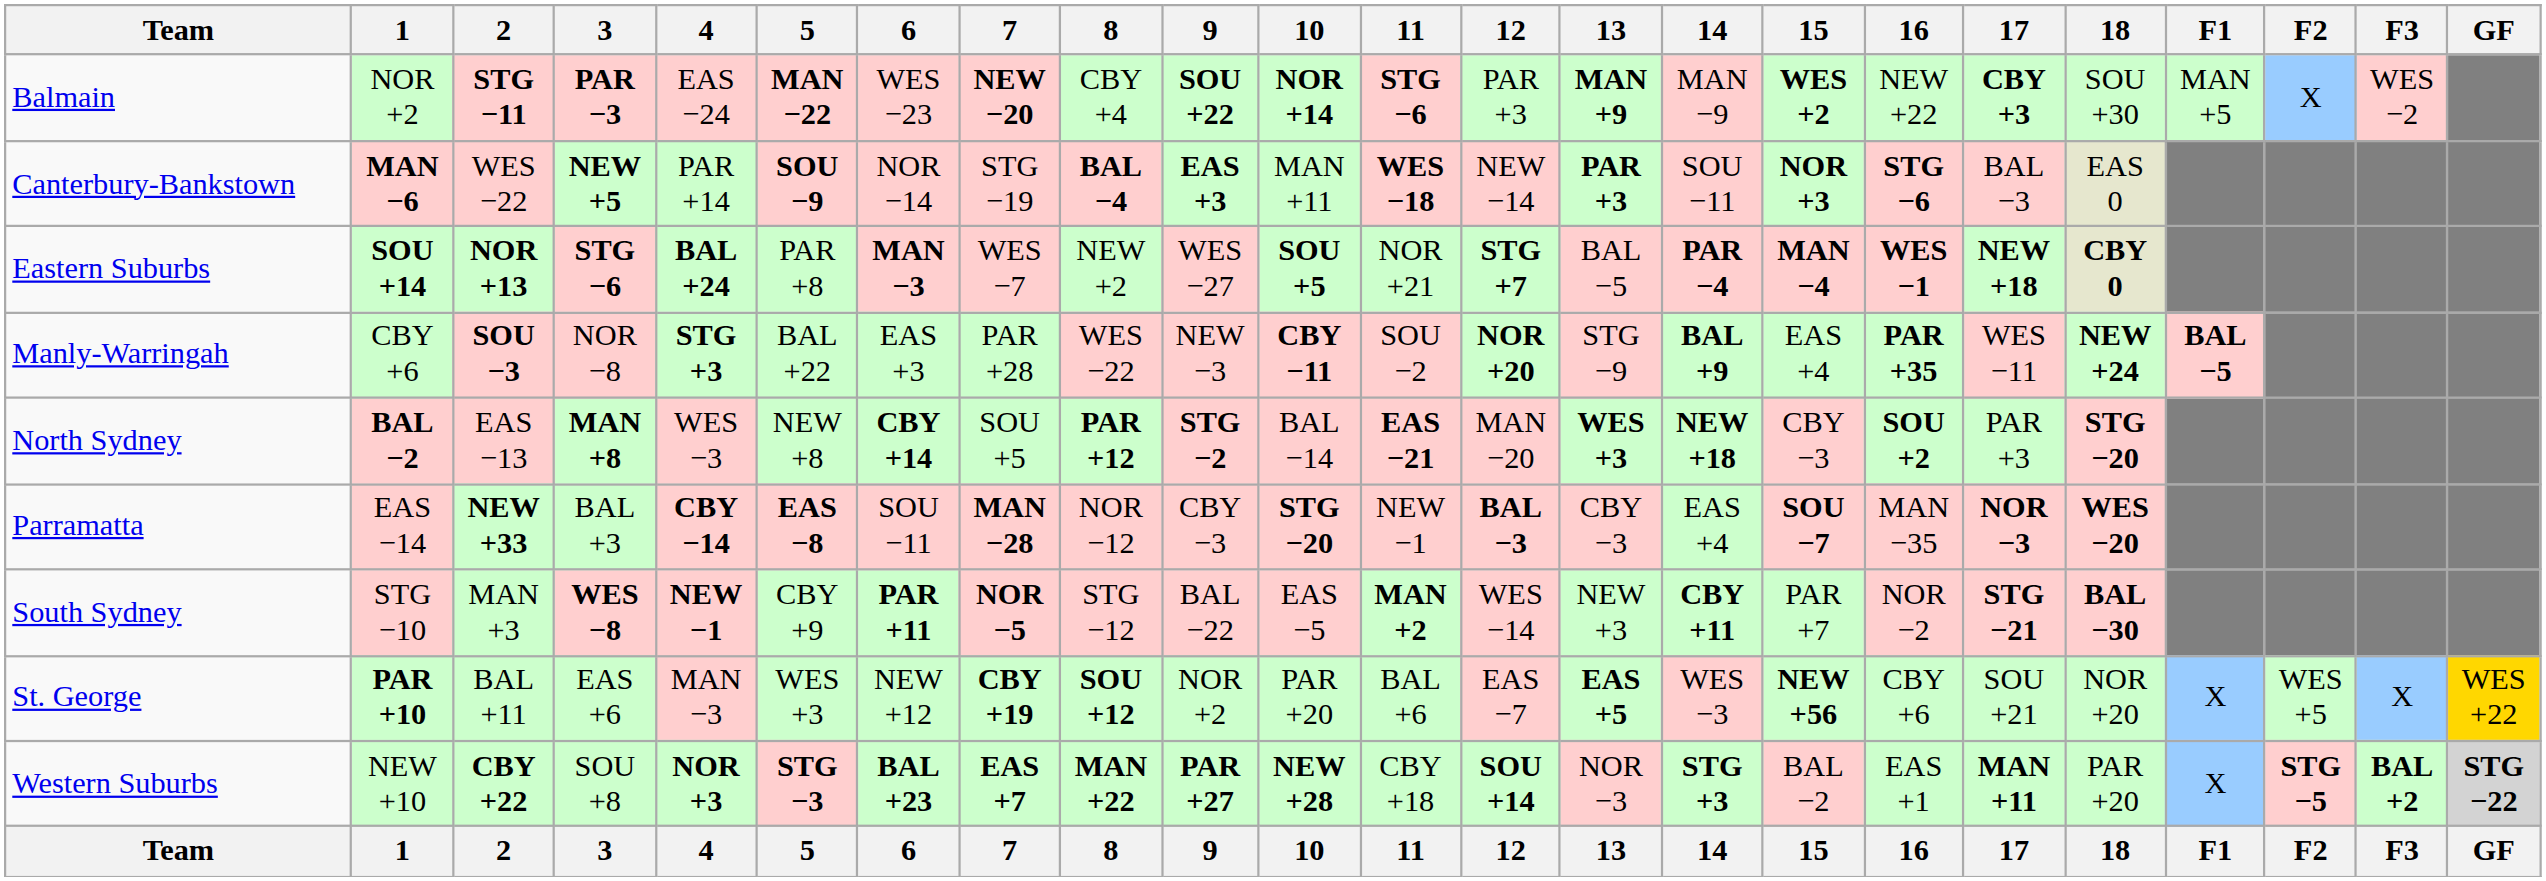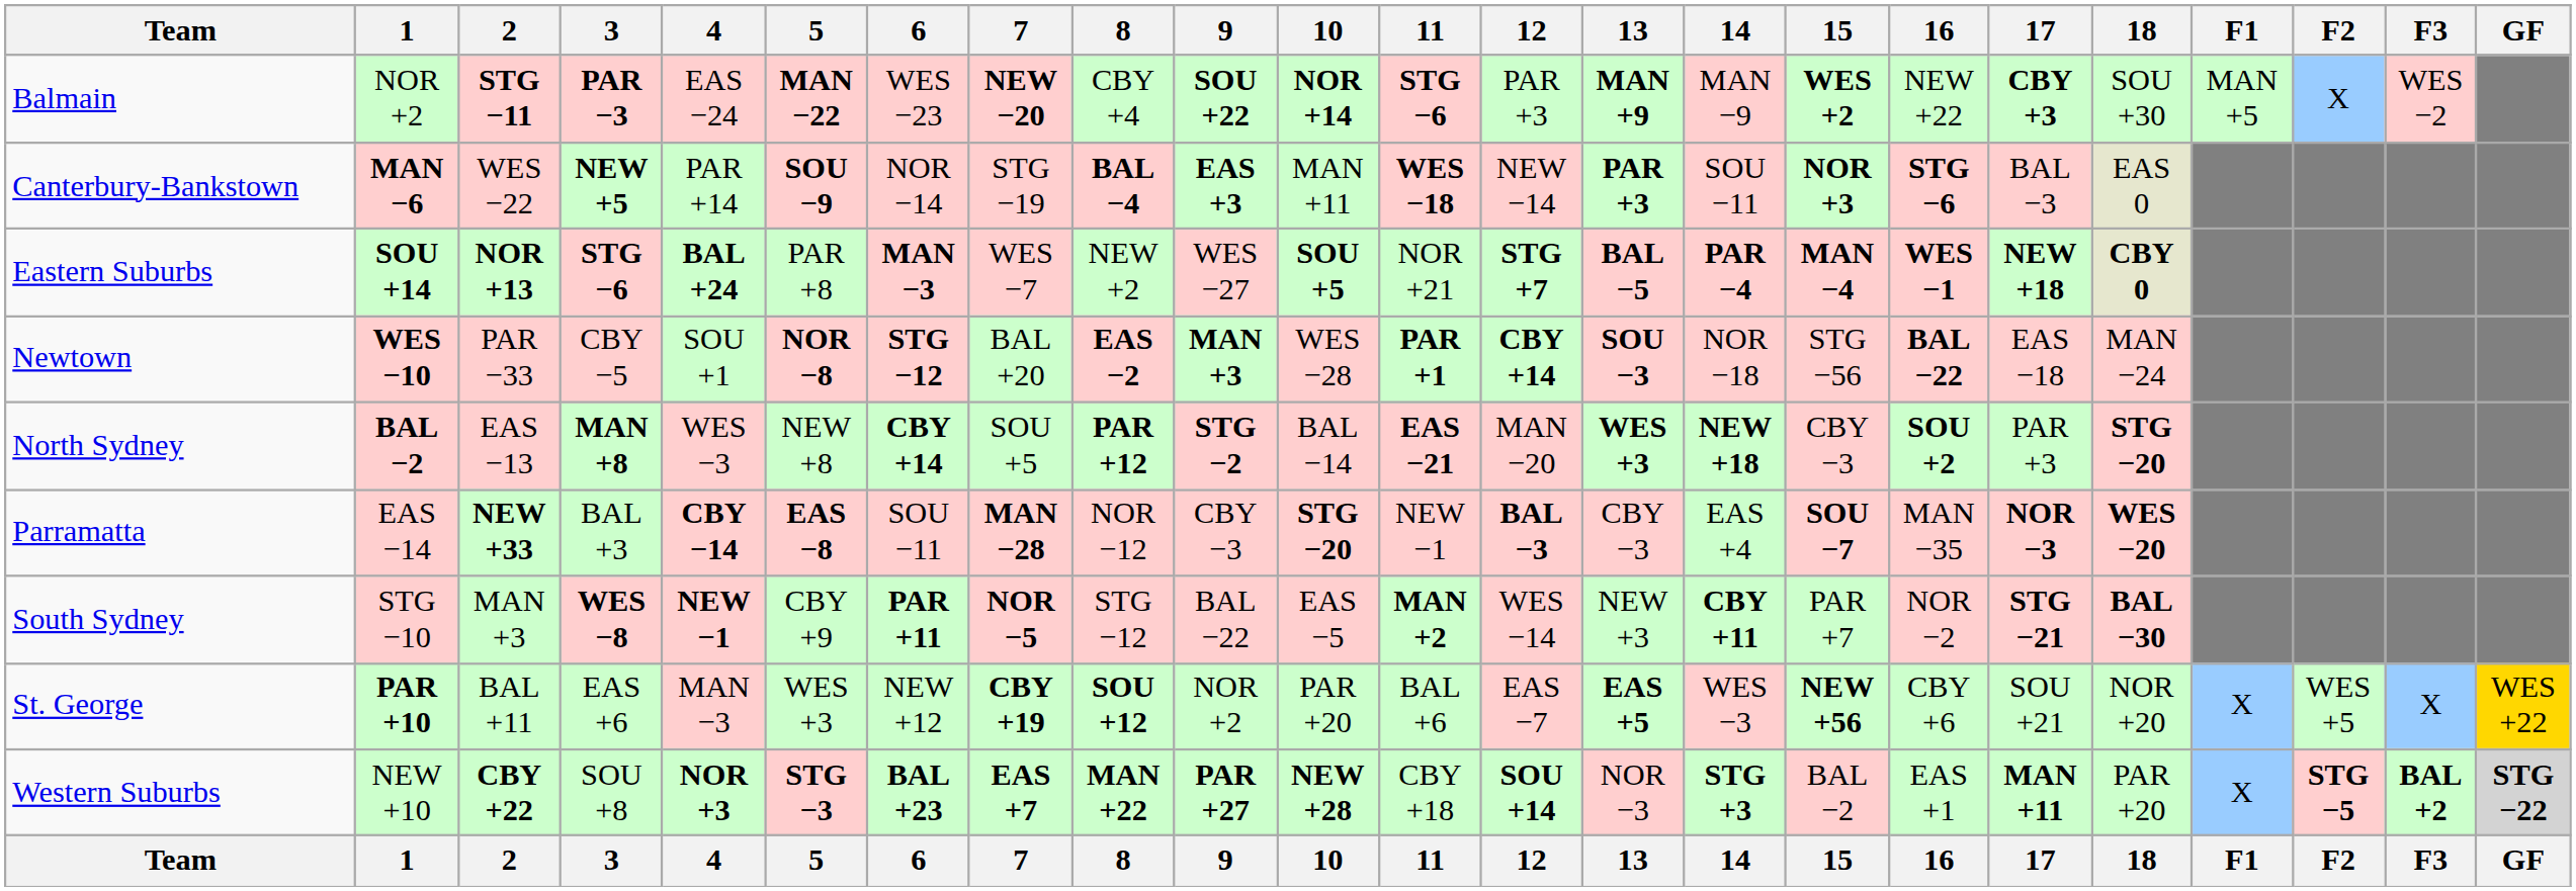 <table class="wikitable sortable" style="font-size:85%; text-align:center; width:90%">
 <tr valign="top">
 <th valign="middle">Team</th>
 <th>1</th>
 <th>2</th>
 <th>3</th>
 <th>4</th>
 <th>5</th>
 <th>6</th>
 <th>7</th>
 <th>8</th>
 <th>9</th>
 <th>10</th>
 <th>11</th>
 <th>12</th>
 <th>13</th>
 <th>14</th>
 <th>15</th>
 <th>16</th>
 <th>17</th>
 <th>18</th>
 <th>F1</th>
 <th>F2</th>
 <th>F3</th>
 <th>GF</th>
 </tr>
 <tr>
 <td align="left"><a href='#'>Balmain</a></td>
 <td style="background:#cfc;">NOR<br>+2</td>
 <td style="background:#FFCFCF;"><strong>STG<br>−11</strong></td>
 <td style="background:#FFCFCF;"><strong>PAR<br>−3</strong></td>
 <td style="background:#FFCFCF;">EAS<br>−24</td>
 <td style="background:#FFCFCF;"><strong>MAN<br>−22</strong></td>
 <td style="background:#FFCFCF;">WES<br>−23</td>
 <td style="background:#FFCFCF;"><strong>NEW<br>−20</strong></td>
 <td style="background:#cfc;">CBY<br>+4</td>
 <td style="background:#cfc;"><strong>SOU<br>+22</strong></td>
 <td style="background:#cfc;"><strong>NOR<br>+14</strong></td>
 <td style="background:#FFCFCF;"><strong>STG<br>−6</strong></td>
 <td style="background:#cfc;">PAR<br>+3</td>
 <td style="background:#cfc;"><strong>MAN<br>+9</strong></td>
 <td style="background:#FFCFCF;">MAN<br>−9</td>
 <td style="background:#cfc;"><strong>WES<br>+2</strong></td>
 <td style="background:#cfc;">NEW<br>+22</td>
 <td style="background:#cfc;"><strong>CBY<br>+3</strong></td>
 <td style="background:#cfc;">SOU<br>+30</td>
 <td style="background:#cfc;">MAN<br>+5</td>
 <td style="background:#99ccff;">X</td>
 <td style="background:#FFCFCF;">WES<br>−2</td>
 <td style="background:#808080;"></td>
 </tr>
 <tr>
 <td align="left"><a href='#'>Canterbury-Bankstown</a></td>
 <td style="background:#FFCFCF;"><strong>MAN<br>−6</strong></td>
 <td style="background:#FFCFCF;">WES<br>−22</td>
 <td style="background:#cfc;"><strong>NEW<br>+5</strong></td>
 <td style="background:#cfc;">PAR<br>+14</td>
 <td style="background:#FFCFCF;"><strong>SOU<br>−9</strong></td>
 <td style="background:#FFCFCF;">NOR<br>−14</td>
 <td style="background:#FFCFCF;">STG<br>−19</td>
 <td style="background:#FFCFCF;"><strong>BAL<br>−4</strong></td>
 <td style="background:#cfc;"><strong>EAS<br>+3</strong></td>
 <td style="background:#cfc;">MAN<br>+11</td>
 <td style="background:#FFCFCF;"><strong>WES<br>−18</strong></td>
 <td style="background:#FFCFCF;">NEW<br>−14</td>
 <td style="background:#cfc;"><strong>PAR<br>+3</strong></td>
 <td style="background:#FFCFCF;">SOU<br>−11</td>
 <td style="background:#cfc;"><strong>NOR<br>+3</strong></td>
 <td style="background:#FFCFCF;"><strong>STG<br>−6</strong></td>
 <td style="background:#FFCFCF;">BAL<br>−3</td>
 <td style="background:#E6E7CE">EAS<br>0</td>
 <td style="background:#808080;"></td>
 <td style="background:#808080;"></td>
 <td style="background:#808080;"></td>
 <td style="background:#808080;"></td>
 </tr>
 <tr>
 <td align="left"><a href='#'>Eastern Suburbs</a></td>
 <td style="background:#cfc;"><strong>SOU<br>+14</strong></td>
 <td style="background:#cfc;"><strong>NOR<br>+13</strong></td>
 <td style="background:#FFCFCF;"><strong>STG<br>−6</strong></td>
 <td style="background:#cfc;"><strong>BAL<br>+24</strong></td>
 <td style="background:#cfc;">PAR<br>+8</td>
 <td style="background:#FFCFCF;"><strong>MAN<br>−3</strong></td>
 <td style="background:#FFCFCF;">WES<br>−7</td>
 <td style="background:#cfc;">NEW<br>+2</td>
 <td style="background:#FFCFCF;">WES<br>−27</td>
 <td style="background:#cfc;"><strong>SOU<br>+5</strong></td>
 <td style="background:#cfc;">NOR<br>+21</td>
 <td style="background:#cfc;"><strong>STG<br>+7</strong></td>
-<td style="background:#FFCFCF;">BAL<br>−5</td>
+<td style="background:#FFCFCF;"><strong>BAL<br>−5</strong></td>
 <td style="background:#FFCFCF;"><strong>PAR<br>−4</strong></td>
 <td style="background:#FFCFCF;"><strong>MAN<br>−4</strong></td>
 <td style="background:#FFCFCF;"><strong>WES<br>−1</strong></td>
 <td style="background:#cfc;"><strong>NEW<br>+18</strong></td>
 <td style="background:#E6E7CE"><strong>CBY<br>0</strong></td>
 <td style="background:#808080;"></td>
 <td style="background:#808080;"></td>
 <td style="background:#808080;"></td>
 <td style="background:#808080;"></td>
 </tr>
 <tr>
-<td align="left"><a href='#'>Manly-Warringah</a></td>
-<td style="background:#cfc;">CBY<br>+6</td>
+<td align="left"><a href='#'>Newtown</a></td>
+<td style="background:#FFCFCF;"><strong>WES<br>−10</strong></td>
+<td style="background:#FFCFCF;">PAR<br>−33</td>
+<td style="background:#FFCFCF;">CBY<br>−5</td>
+<td style="background:#cfc;">SOU<br>+1</td>
+<td style="background:#FFCFCF;"><strong>NOR<br>−8</strong></td>
+<td style="background:#FFCFCF;"><strong>STG<br>−12</strong></td>
+<td style="background:#cfc;">BAL<br>+20</td>
+<td style="background:#FFCFCF;"><strong>EAS<br>−2</strong></td>
+<td style="background:#cfc;"><strong>MAN<br>+3</strong></td>
+<td style="background:#FFCFCF;">WES<br>−28</td>
+<td style="background:#cfc;"><strong>PAR<br>+1</strong></td>
+<td style="background:#cfc;"><strong>CBY<br>+14</strong></td>
 <td style="background:#FFCFCF;"><strong>SOU<br>−3</strong></td>
-<td style="background:#FFCFCF;">NOR<br>−8</td>
-<td style="background:#cfc;"><strong>STG<br>+3</strong></td>
-<td style="background:#cfc;">BAL<br>+22</td>
-<td style="background:#cfc;">EAS<br>+3</td>
-<td style="background:#cfc;">PAR<br>+28</td>
-<td style="background:#FFCFCF;">WES<br>−22</td>
-<td style="background:#FFCFCF;">NEW<br>−3</td>
-<td style="background:#FFCFCF;"><strong>CBY<br>−11</strong></td>
-<td style="background:#FFCFCF;">SOU<br>−2</td>
-<td style="background:#cfc;"><strong>NOR<br>+20</strong></td>
-<td style="background:#FFCFCF;">STG<br>−9</td>
-<td style="background:#cfc;"><strong>BAL<br>+9</strong></td>
-<td style="background:#cfc;">EAS<br>+4</td>
-<td style="background:#cfc;"><strong>PAR<br>+35</strong></td>
-<td style="background:#FFCFCF;">WES<br>−11</td>
-<td style="background:#cfc;"><strong>NEW<br>+24</strong></td>
-<td style="background:#FFCFCF;"><strong>BAL<br>−5</strong></td>
+<td style="background:#FFCFCF;">NOR<br>−18</td>
+<td style="background:#FFCFCF;">STG<br>−56</td>
+<td style="background:#FFCFCF;"><strong>BAL<br>−22</strong></td>
+<td style="background:#FFCFCF;">EAS<br>−18</td>
+<td style="background:#FFCFCF;">MAN<br>−24</td>
+<td style="background:#808080;"></td>
 <td style="background:#808080;"></td>
 <td style="background:#808080;"></td>
 <td style="background:#808080;"></td>
 </tr>
 <tr>
 <td align="left"><a href='#'>North Sydney</a></td>
 <td style="background:#FFCFCF;"><strong>BAL<br>−2</strong></td>
 <td style="background:#FFCFCF;">EAS<br>−13</td>
 <td style="background:#cfc;"><strong>MAN<br>+8</strong></td>
 <td style="background:#FFCFCF;">WES<br>−3</td>
 <td style="background:#cfc;">NEW<br>+8</td>
 <td style="background:#cfc;"><strong>CBY<br>+14</strong></td>
 <td style="background:#cfc;">SOU<br>+5</td>
 <td style="background:#cfc;"><strong>PAR<br>+12</strong></td>
 <td style="background:#FFCFCF;"><strong>STG<br>−2</strong></td>
 <td style="background:#FFCFCF;">BAL<br>−14</td>
 <td style="background:#FFCFCF;"><strong>EAS<br>−21</strong></td>
 <td style="background:#FFCFCF;">MAN<br>−20</td>
 <td style="background:#cfc;"><strong>WES<br>+3</strong></td>
 <td style="background:#cfc;"><strong>NEW<br>+18</strong></td>
 <td style="background:#FFCFCF;">CBY<br>−3</td>
 <td style="background:#cfc;"><strong>SOU<br>+2</strong></td>
 <td style="background:#cfc;">PAR<br>+3</td>
 <td style="background:#FFCFCF;"><strong>STG<br>−20</strong></td>
 <td style="background:#808080;"></td>
 <td style="background:#808080;"></td>
 <td style="background:#808080;"></td>
 <td style="background:#808080;"></td>
 </tr>
 <tr>
 <td align="left"><a href='#'>Parramatta</a></td>
 <td style="background:#FFCFCF;">EAS<br>−14</td>
 <td style="background:#cfc;"><strong>NEW<br>+33</strong></td>
 <td style="background:#cfc;">BAL<br>+3</td>
 <td style="background:#FFCFCF;"><strong>CBY<br>−14</strong></td>
 <td style="background:#FFCFCF;"><strong>EAS<br>−8</strong></td>
 <td style="background:#FFCFCF;">SOU<br>−11</td>
 <td style="background:#FFCFCF;"><strong>MAN<br>−28</strong></td>
 <td style="background:#FFCFCF;">NOR<br>−12</td>
 <td style="background:#FFCFCF;">CBY<br>−3</td>
 <td style="background:#FFCFCF;"><strong>STG<br>−20</strong></td>
 <td style="background:#FFCFCF;">NEW<br>−1</td>
 <td style="background:#FFCFCF;"><strong>BAL<br>−3</strong></td>
 <td style="background:#FFCFCF;">CBY<br>−3</td>
 <td style="background:#cfc;">EAS<br>+4</td>
 <td style="background:#FFCFCF;"><strong>SOU<br>−7</strong></td>
 <td style="background:#FFCFCF;">MAN<br>−35</td>
 <td style="background:#FFCFCF;"><strong>NOR<br>−3</strong></td>
 <td style="background:#FFCFCF;"><strong>WES<br>−20</strong></td>
 <td style="background:#808080;"></td>
 <td style="background:#808080;"></td>
 <td style="background:#808080;"></td>
 <td style="background:#808080;"></td>
 </tr>
 <tr>
 <td align="left"><a href='#'>South Sydney</a></td>
 <td style="background:#FFCFCF;">STG<br>−10</td>
 <td style="background:#cfc;">MAN<br>+3</td>
 <td style="background:#FFCFCF;"><strong>WES<br>−8</strong></td>
 <td style="background:#FFCFCF;"><strong>NEW<br>−1</strong></td>
 <td style="background:#cfc;">CBY<br>+9</td>
 <td style="background:#cfc;"><strong>PAR<br>+11</strong></td>
 <td style="background:#FFCFCF;"><strong>NOR<br>−5</strong></td>
 <td style="background:#FFCFCF;">STG<br>−12</td>
 <td style="background:#FFCFCF;">BAL<br>−22</td>
 <td style="background:#FFCFCF;">EAS<br>−5</td>
 <td style="background:#cfc;"><strong>MAN<br>+2</strong></td>
 <td style="background:#FFCFCF;">WES<br>−14</td>
 <td style="background:#cfc;">NEW<br>+3</td>
 <td style="background:#cfc;"><strong>CBY<br>+11</strong></td>
 <td style="background:#cfc;">PAR<br>+7</td>
 <td style="background:#FFCFCF;">NOR<br>−2</td>
 <td style="background:#FFCFCF;"><strong>STG<br>−21</strong></td>
 <td style="background:#FFCFCF;"><strong>BAL<br>−30</strong></td>
 <td style="background:#808080;"></td>
 <td style="background:#808080;"></td>
 <td style="background:#808080;"></td>
 <td style="background:#808080;"></td>
 </tr>
 <tr>
 <td align="left"><a href='#'>St. George</a></td>
 <td style="background:#cfc;"><strong>PAR<br>+10</strong></td>
 <td style="background:#cfc;">BAL<br>+11</td>
 <td style="background:#cfc;">EAS<br>+6</td>
 <td style="background:#FFCFCF;">MAN<br>−3</td>
 <td style="background:#cfc;">WES<br>+3</td>
 <td style="background:#cfc;">NEW<br>+12</td>
 <td style="background:#cfc;"><strong>CBY<br>+19</strong></td>
 <td style="background:#cfc;"><strong>SOU<br>+12</strong></td>
 <td style="background:#cfc;">NOR<br>+2</td>
 <td style="background:#cfc;">PAR<br>+20</td>
 <td style="background:#cfc;">BAL<br>+6</td>
 <td style="background:#FFCFCF;">EAS<br>−7</td>
 <td style="background:#cfc;"><strong>EAS<br>+5</strong></td>
 <td style="background:#FFCFCF;">WES<br>−3</td>
 <td style="background:#cfc;"><strong>NEW<br>+56</strong></td>
 <td style="background:#cfc;">CBY<br>+6</td>
 <td style="background:#cfc;">SOU<br>+21</td>
 <td style="background:#cfc;">NOR<br>+20</td>
 <td style="background:#99ccff;">X</td>
 <td style="background:#cfc;">WES<br>+5</td>
 <td style="background:#99ccff;">X</td>
 <td style="background:#FFD700;">WES<br>+22</td>
 </tr>
 <tr>
 <td align="left"><a href='#'>Western Suburbs</a></td>
 <td style="background:#cfc;">NEW<br>+10</td>
 <td style="background:#cfc;"><strong>CBY<br>+22</strong></td>
 <td style="background:#cfc;">SOU<br>+8</td>
 <td style="background:#cfc;"><strong>NOR<br>+3</strong></td>
 <td style="background:#FFCFCF;"><strong>STG<br>−3</strong></td>
 <td style="background:#cfc;"><strong>BAL<br>+23</strong></td>
 <td style="background:#cfc;"><strong>EAS<br>+7</strong></td>
 <td style="background:#cfc;"><strong>MAN<br>+22</strong></td>
 <td style="background:#cfc;"><strong>PAR<br>+27</strong></td>
 <td style="background:#cfc;"><strong>NEW<br>+28</strong></td>
 <td style="background:#cfc;">CBY<br>+18</td>
 <td style="background:#cfc;"><strong>SOU<br>+14</strong></td>
 <td style="background:#FFCFCF;">NOR<br>−3</td>
 <td style="background:#cfc;"><strong>STG<br>+3</strong></td>
 <td style="background:#FFCFCF;">BAL<br>−2</td>
 <td style="background:#cfc;">EAS<br>+1</td>
 <td style="background:#cfc;"><strong>MAN<br>+11</strong></td>
 <td style="background:#cfc;">PAR<br>+20</td>
 <td style="background:#99ccff;">X</td>
 <td style="background:#FFCFCF;"><strong>STG<br>−5</strong></td>
 <td style="background:#cfc;"><strong>BAL<br>+2</strong></td>
 <td style="background:#D3D3D3;"><strong>STG<br>−22</strong></td>
 </tr>
 <tr valign="top">
 <th valign="middle">Team</th>
 <th>1</th>
 <th>2</th>
 <th>3</th>
 <th>4</th>
 <th>5</th>
 <th>6</th>
 <th>7</th>
 <th>8</th>
 <th>9</th>
 <th>10</th>
 <th>11</th>
 <th>12</th>
 <th>13</th>
 <th>14</th>
 <th>15</th>
 <th>16</th>
 <th>17</th>
 <th>18</th>
 <th>F1</th>
 <th>F2</th>
 <th>F3</th>
 <th>GF</th>
 </tr>
 </table>
